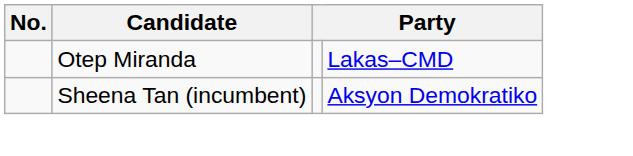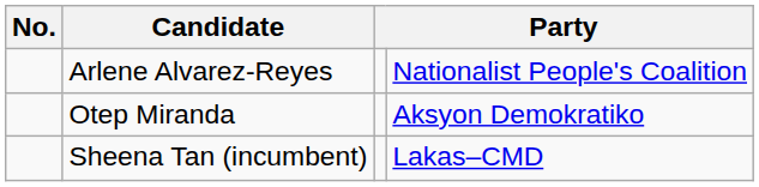 <table class="wikitable sortable" style="text-align:left;">
 <tr>
 <th>No.</th>
 <th>Candidate</th>
 <th colspan="2">Party</th>
 </tr>
 <tr>
 <td></td>
+<td>Arlene Alvarez-Reyes</td>
+<td></td>
+<td><a href='#'>Nationalist People's Coalition</a></td>
+</tr>
+<tr>
+<td></td>
 <td>Otep Miranda</td>
 <td></td>
-<td><a href='#'>Lakas–CMD</a></td>
+<td><a href='#'>Aksyon Demokratiko</a></td>
 </tr>
 <tr>
 <td></td>
 <td>Sheena Tan (incumbent)</td>
 <td></td>
-<td><a href='#'>Aksyon Demokratiko</a></td>
+<td><a href='#'>Lakas–CMD</a></td>
 </tr>
 </table>
